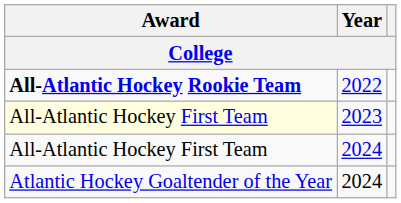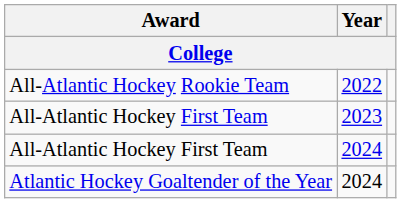 <table class="wikitable">
 <tr>
 <th>Award</th>
 <th>Year</th>
 <th></th>
 </tr>
 <tr>
 <th colspan="3"><a href='#'>College</a></th>
 </tr>
 <tr>
-<td><strong>All-<a href='#'>Atlantic Hockey</a> <a href='#'>Rookie Team</a></strong></td>
+<td>All-<a href='#'>Atlantic Hockey</a> <a href='#'>Rookie Team</a></td>
 <td><a href='#'>2022</a></td>
 <td></td>
 </tr>
 <tr>
-<td style="background: lightyellow;">All-Atlantic Hockey <a href='#'>First Team</a></td>
+<td>All-Atlantic Hockey <a href='#'>First Team</a></td>
 <td><a href='#'>2023</a></td>
 <td></td>
 </tr>
 <tr>
 <td>All-Atlantic Hockey First Team</td>
 <td><a href='#'>2024</a></td>
 <td></td>
 </tr>
 <tr>
 <td><a href='#'>Atlantic Hockey Goaltender of the Year</a></td>
 <td>2024</td>
 <td></td>
 </tr>
 </table>
